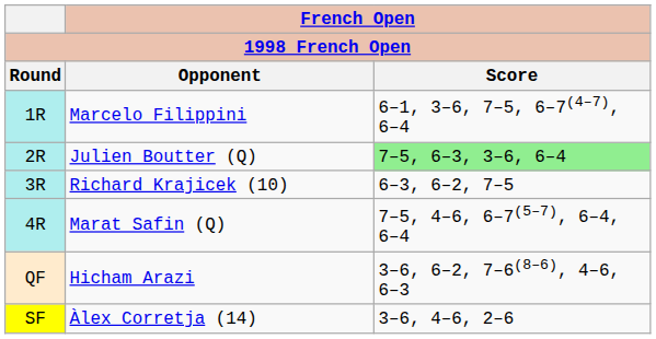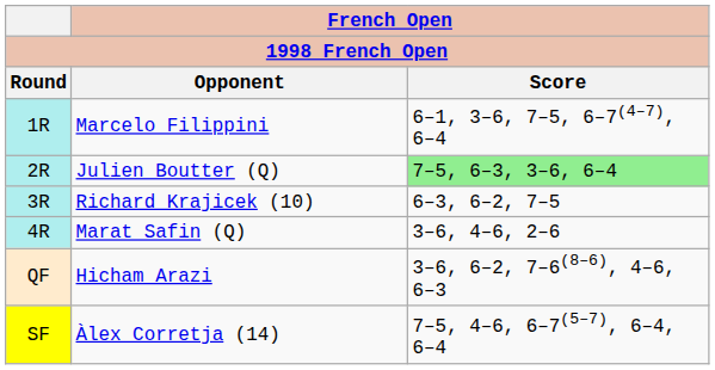 <table class="wikitable collapsible collapsed">
 <tr>
 <th></th>
 <th colspan=2 style="background:#ebc2af;"><a href='#'>French Open</a></th>
 </tr>
 <tr>
 <th colspan=3 style="background:#ebc2af;"><a href='#'>1998 French Open</a></th>
 </tr>
 <tr>
 <th>Round</th>
 <th width=225>Opponent</th>
 <th width=200>Score</th>
 </tr>
 <tr>
 <td style="text-align:center; background:#afeeee;">1R</td>
 <td> <a href='#'>Marcelo Filippini</a></td>
 <td>6–1, 3–6, 7–5, 6–7<sup>(4–7)</sup>, 6–4</td>
 </tr>
 <tr>
 <td style="text-align:center; background:#afeeee;">2R</td>
 <td> <a href='#'>Julien Boutter</a> (Q)</td>
 <td style="background: lightgreen;">7–5, 6–3, 3–6, 6–4</td>
 </tr>
 <tr>
 <td style="text-align:center; background:#afeeee;">3R</td>
 <td> <a href='#'>Richard Krajicek</a> (10)</td>
 <td>6–3, 6–2, 7–5</td>
 </tr>
 <tr>
 <td style="text-align:center; background:#afeeee;">4R</td>
 <td> <a href='#'>Marat Safin</a> (Q)</td>
-<td>7–5, 4–6, 6–7<sup>(5–7)</sup>, 6–4, 6–4</td>
+<td>3–6, 4–6, 2–6</td>
 </tr>
 <tr>
 <td style="text-align:center; background:#ffebcd;">QF</td>
 <td> <a href='#'>Hicham Arazi</a></td>
 <td>3–6, 6–2, 7–6<sup>(8–6)</sup>, 4–6, 6–3</td>
 </tr>
 <tr>
 <td style="text-align:center; background:yellow;">SF</td>
 <td> <a href='#'>Àlex Corretja</a> (14)</td>
-<td>3–6, 4–6, 2–6</td>
+<td>7–5, 4–6, 6–7<sup>(5–7)</sup>, 6–4, 6–4</td>
 </tr>
 </table>
